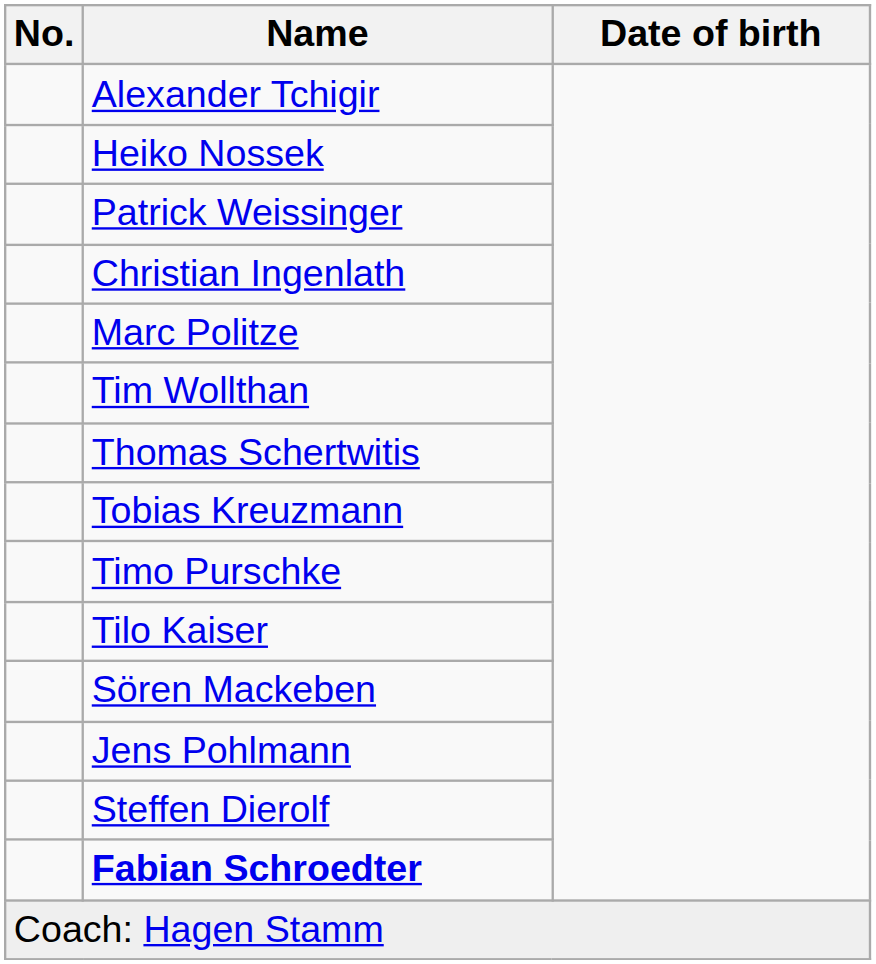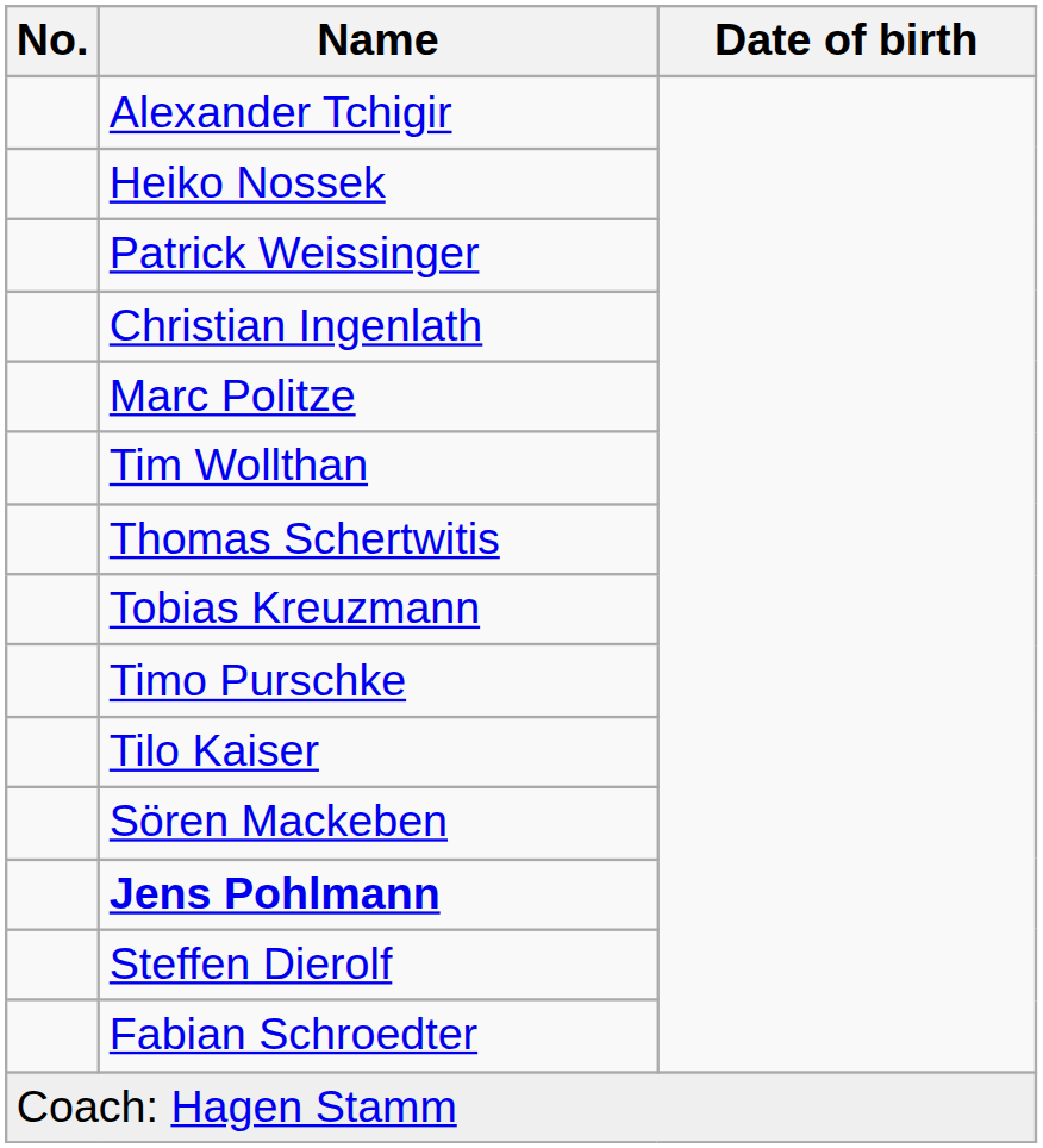 <table class=wikitable sortable style=font-size:100%; text-align:center;>
 <tr>
 <th>No.</th>
 <th style=width:12em>Name</th>
 <th style=width:8em>Date of birth</th>
 </tr>
 <tr>
 <td></td>
 <td align=left><a href='#'>Alexander Tchigir</a></td>
 </tr>
 <tr>
 <td></td>
 <td align=left><a href='#'>Heiko Nossek</a></td>
 </tr>
 <tr>
 <td></td>
 <td align=left><a href='#'>Patrick Weissinger</a></td>
 </tr>
 <tr>
 <td></td>
 <td align=left><a href='#'>Christian Ingenlath</a></td>
 </tr>
 <tr>
 <td></td>
 <td align=left><a href='#'>Marc Politze</a></td>
 </tr>
 <tr>
 <td></td>
 <td align=left><a href='#'>Tim Wollthan</a></td>
 </tr>
 <tr>
 <td></td>
 <td align=left><a href='#'>Thomas Schertwitis</a></td>
 </tr>
 <tr>
 <td></td>
 <td align=left><a href='#'>Tobias Kreuzmann</a></td>
 </tr>
 <tr>
 <td></td>
 <td align=left><a href='#'>Timo Purschke</a></td>
 </tr>
 <tr>
 <td></td>
 <td align=left><a href='#'>Tilo Kaiser</a></td>
 </tr>
 <tr>
 <td></td>
 <td align=left><a href='#'>Sören Mackeben</a></td>
 </tr>
 <tr>
 <td></td>
-<td align=left><a href='#'>Jens Pohlmann</a></td>
+<td align=left><strong><a href='#'>Jens Pohlmann</a></strong></td>
 </tr>
 <tr>
 <td></td>
 <td align=left><a href='#'>Steffen Dierolf</a></td>
 </tr>
 <tr>
 <td></td>
-<td align=left><strong><a href='#'>Fabian Schroedter</a></strong></td>
+<td align=left><a href='#'>Fabian Schroedter</a></td>
 </tr>
 <tr style=background:#efefef;>
 <td colspan=3 style=text-align:left;>Coach: <a href='#'>Hagen Stamm</a></td>
 </tr>
 </table>
